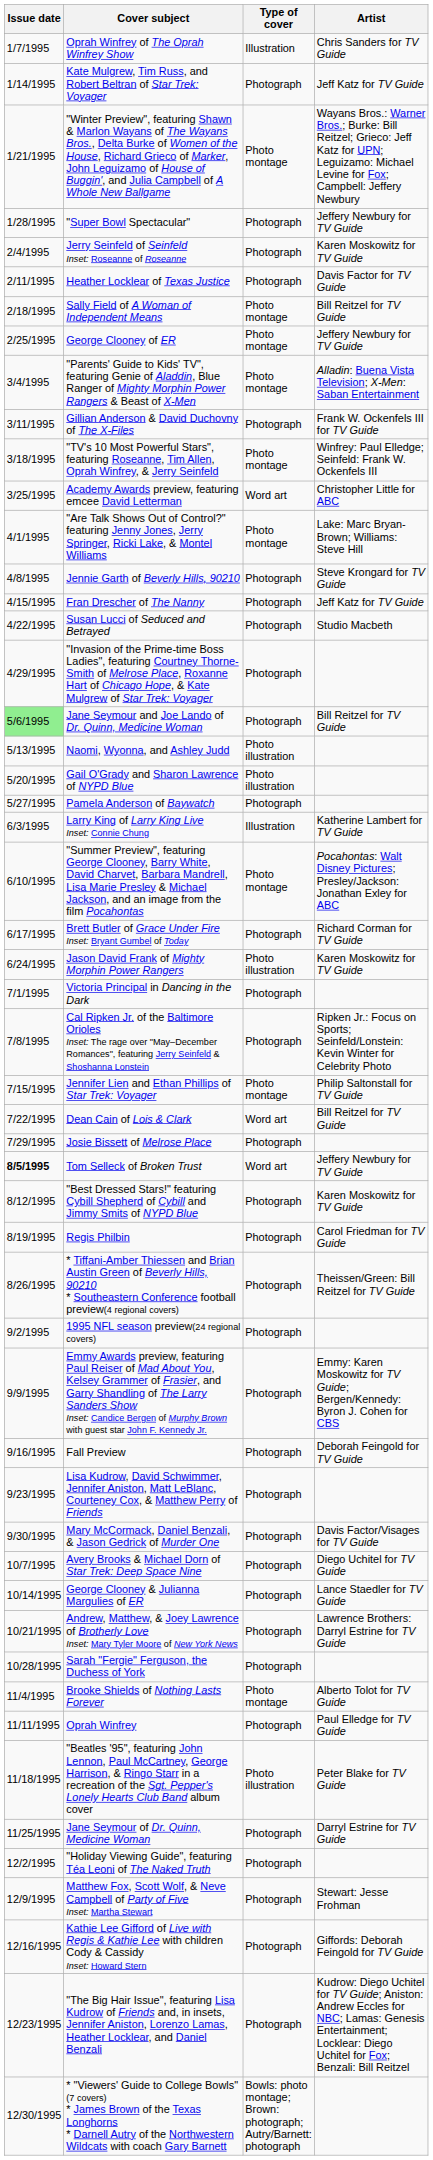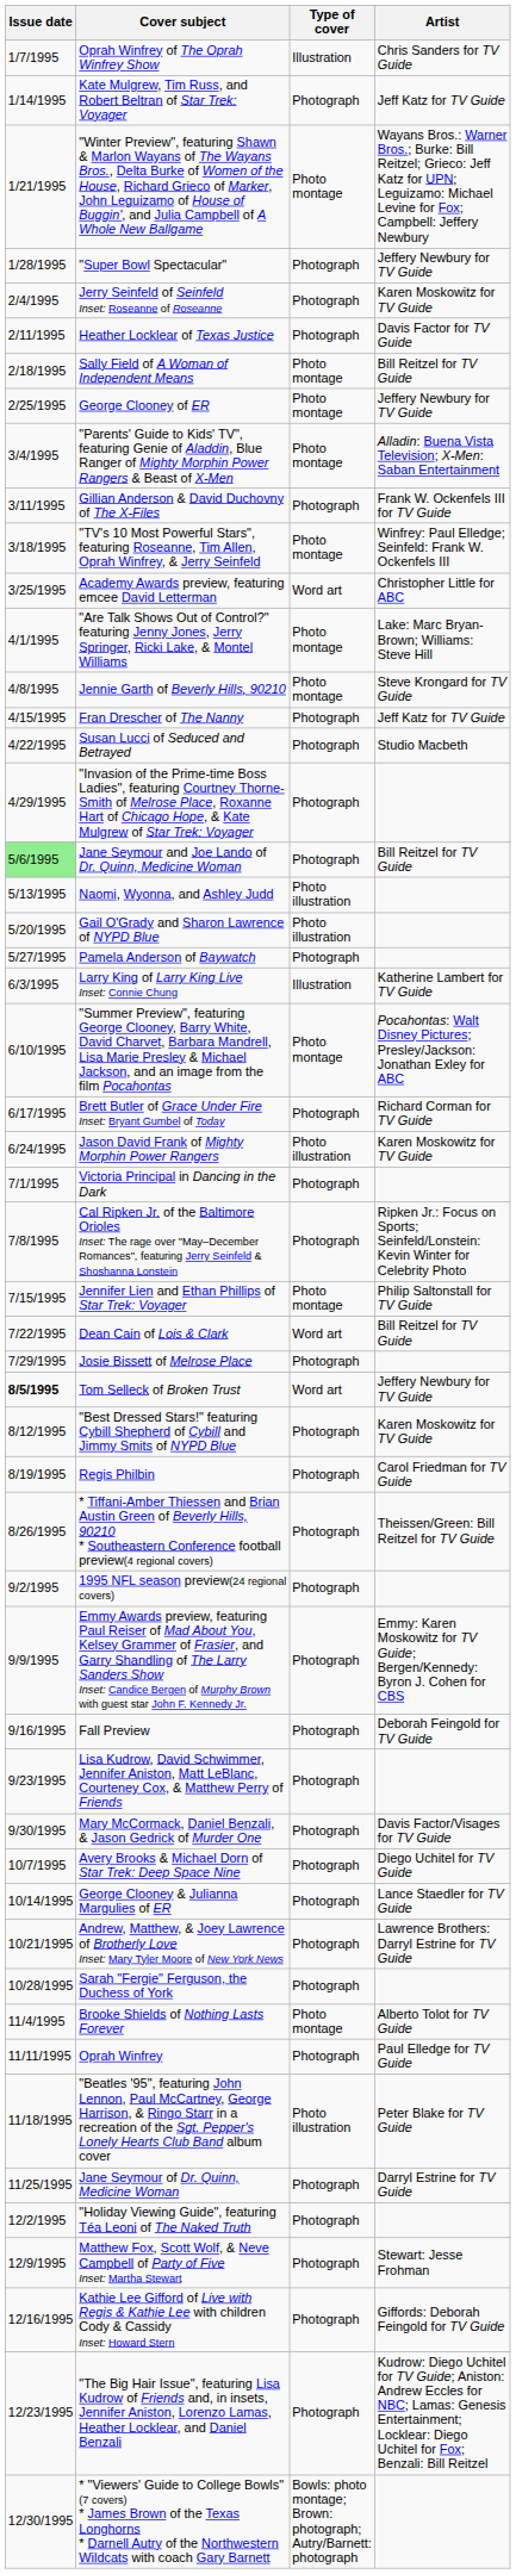 <table class="wikitable sortable" width=100% style="font-size:100%;">
 <tr>
 <th width=6%>Issue date</th>
 <th width=53%>Cover subject</th>
 <th width=12%>Type of cover</th>
 <th width=29%>Artist</th>
 </tr>
 <tr>
 <td>1/7/1995</td>
 <td><a href='#'>Oprah Winfrey</a> of <em><a href='#'>The Oprah Winfrey Show</a></em></td>
 <td>Illustration</td>
 <td>Chris Sanders for <em>TV Guide</em></td>
 </tr>
 <tr>
 <td>1/14/1995</td>
 <td><a href='#'>Kate Mulgrew</a>, <a href='#'>Tim Russ</a>, and <a href='#'>Robert Beltran</a> of <em><a href='#'>Star Trek: Voyager</a></em></td>
 <td>Photograph</td>
 <td>Jeff Katz for <em>TV Guide</em></td>
 </tr>
 <tr>
 <td>1/21/1995</td>
 <td>"Winter Preview", featuring <a href='#'>Shawn</a> & <a href='#'>Marlon Wayans</a> of <em><a href='#'>The Wayans Bros.</a></em>, <a href='#'>Delta Burke</a> of <em><a href='#'>Women of the House</a></em>, <a href='#'>Richard Grieco</a> of <em><a href='#'>Marker</a></em>, <a href='#'>John Leguizamo</a> of <em><a href='#'>House of Buggin'</a></em>, and <a href='#'>Julia Campbell</a> of <em><a href='#'>A Whole New Ballgame</a></em></td>
 <td>Photo montage</td>
 <td>Wayans Bros.: <a href='#'>Warner Bros.</a>; Burke: Bill Reitzel; Grieco: Jeff Katz for <a href='#'>UPN</a>; Leguizamo: Michael Levine for <a href='#'>Fox</a>; Campbell: Jeffery Newbury</td>
 </tr>
 <tr>
 <td>1/28/1995</td>
 <td>"<a href='#'>Super Bowl</a> Spectacular"</td>
 <td>Photograph</td>
 <td>Jeffery Newbury for <em>TV Guide</em></td>
 </tr>
 <tr>
 <td>2/4/1995</td>
 <td><a href='#'>Jerry Seinfeld</a> of <em><a href='#'>Seinfeld</a></em><br><small><em>Inset:</em> <a href='#'>Roseanne</a> of <em><a href='#'>Roseanne</a></em></small></td>
 <td>Photograph</td>
 <td>Karen Moskowitz for <em>TV Guide</em></td>
 </tr>
 <tr>
 <td>2/11/1995</td>
 <td><a href='#'>Heather Locklear</a> of <em><a href='#'>Texas Justice</a></em></td>
 <td>Photograph</td>
 <td>Davis Factor for <em>TV Guide</em></td>
 </tr>
 <tr>
 <td>2/18/1995</td>
 <td><a href='#'>Sally Field</a> of <em><a href='#'>A Woman of Independent Means</a></em></td>
 <td>Photo montage</td>
 <td>Bill Reitzel for <em>TV Guide</em></td>
 </tr>
 <tr>
 <td>2/25/1995</td>
 <td><a href='#'>George Clooney</a> of <em><a href='#'>ER</a></em></td>
 <td>Photo montage</td>
 <td>Jeffery Newbury for <em>TV Guide</em></td>
 </tr>
 <tr>
 <td>3/4/1995</td>
 <td>"Parents' Guide to Kids' TV", featuring Genie of <em><a href='#'>Aladdin</a></em>, Blue Ranger of <em><a href='#'>Mighty Morphin Power Rangers</a></em> & Beast of <em><a href='#'>X-Men</a></em></td>
 <td>Photo montage</td>
 <td><em>Alladin</em>: <a href='#'>Buena Vista Television</a>; <em>X-Men</em>: <a href='#'>Saban Entertainment</a></td>
 </tr>
 <tr>
 <td>3/11/1995</td>
 <td><a href='#'>Gillian Anderson</a> & <a href='#'>David Duchovny</a> of <em><a href='#'>The X-Files</a></em></td>
 <td>Photograph</td>
 <td>Frank W. Ockenfels III for <em>TV Guide</em></td>
 </tr>
 <tr>
 <td>3/18/1995</td>
 <td>"TV's 10 Most Powerful Stars", featuring <a href='#'>Roseanne</a>, <a href='#'>Tim Allen</a>, <a href='#'>Oprah Winfrey</a>, & <a href='#'>Jerry Seinfeld</a></td>
 <td>Photo montage</td>
 <td>Winfrey: Paul Elledge; Seinfeld: Frank W. Ockenfels III</td>
 </tr>
 <tr>
 <td>3/25/1995</td>
 <td><a href='#'>Academy Awards</a> preview, featuring emcee <a href='#'>David Letterman</a></td>
 <td>Word art</td>
 <td>Christopher Little for <a href='#'>ABC</a></td>
 </tr>
 <tr>
 <td>4/1/1995</td>
 <td>"Are Talk Shows Out of Control?" featuring <a href='#'>Jenny Jones</a>, <a href='#'>Jerry Springer</a>, <a href='#'>Ricki Lake</a>, & <a href='#'>Montel Williams</a></td>
 <td>Photo montage</td>
 <td>Lake: Marc Bryan-Brown; Williams: Steve Hill</td>
 </tr>
 <tr>
 <td>4/8/1995</td>
 <td><a href='#'>Jennie Garth</a> of <em><a href='#'>Beverly Hills, 90210</a></em></td>
-<td>Photograph</td>
+<td>Photo montage</td>
 <td>Steve Krongard for <em>TV Guide</em></td>
 </tr>
 <tr>
 <td>4/15/1995</td>
 <td><a href='#'>Fran Drescher</a> of <em><a href='#'>The Nanny</a></em></td>
 <td>Photograph</td>
 <td>Jeff Katz for <em>TV Guide</em></td>
 </tr>
 <tr>
 <td>4/22/1995</td>
 <td><a href='#'>Susan Lucci</a> of <em>Seduced and Betrayed</em></td>
 <td>Photograph</td>
 <td>Studio Macbeth</td>
 </tr>
 <tr>
 <td>4/29/1995</td>
 <td>"Invasion of the Prime-time Boss Ladies", featuring <a href='#'>Courtney Thorne-Smith</a> of <em><a href='#'>Melrose Place</a></em>, <a href='#'>Roxanne Hart</a> of <em><a href='#'>Chicago Hope</a></em>, & <a href='#'>Kate Mulgrew</a> of <em><a href='#'>Star Trek: Voyager</a></em></td>
 <td>Photograph</td>
 <td></td>
 </tr>
 <tr>
 <td style="background: lightgreen;">5/6/1995</td>
 <td><a href='#'>Jane Seymour</a> and <a href='#'>Joe Lando</a> of <em><a href='#'>Dr. Quinn, Medicine Woman</a></em></td>
 <td>Photograph</td>
 <td>Bill Reitzel for <em>TV Guide</em></td>
 </tr>
 <tr>
 <td>5/13/1995</td>
 <td><a href='#'>Naomi</a>, <a href='#'>Wyonna</a>, and <a href='#'>Ashley Judd</a></td>
 <td>Photo illustration</td>
 <td></td>
 </tr>
 <tr>
 <td>5/20/1995</td>
 <td><a href='#'>Gail O'Grady</a> and <a href='#'>Sharon Lawrence</a> of <em><a href='#'>NYPD Blue</a></em></td>
 <td>Photo illustration</td>
 <td></td>
 </tr>
 <tr>
 <td>5/27/1995</td>
 <td><a href='#'>Pamela Anderson</a> of <em><a href='#'>Baywatch</a></em></td>
 <td>Photograph</td>
 <td></td>
 </tr>
 <tr>
 <td>6/3/1995</td>
 <td><a href='#'>Larry King</a> of <em><a href='#'>Larry King Live</a></em><br><small><em>Inset:</em> <a href='#'>Connie Chung</a></small></td>
 <td>Illustration</td>
 <td>Katherine Lambert for <em>TV Guide</em></td>
 </tr>
 <tr>
 <td>6/10/1995</td>
 <td>"Summer Preview", featuring <a href='#'>George Clooney</a>, <a href='#'>Barry White</a>, <a href='#'>David Charvet</a>, <a href='#'>Barbara Mandrell</a>, <a href='#'>Lisa Marie Presley</a> & <a href='#'>Michael Jackson</a>, and an image from the film <em><a href='#'>Pocahontas</a></em></td>
 <td>Photo montage</td>
 <td><em>Pocahontas</em>: <a href='#'>Walt Disney Pictures</a>; Presley/Jackson: Jonathan Exley for <a href='#'>ABC</a></td>
 </tr>
 <tr>
 <td>6/17/1995</td>
 <td><a href='#'>Brett Butler</a> of <em><a href='#'>Grace Under Fire</a></em><br><small><em>Inset:</em> <a href='#'>Bryant Gumbel</a> of <em><a href='#'>Today</a></em></small></td>
 <td>Photograph</td>
 <td>Richard Corman for <em>TV Guide</em></td>
 </tr>
 <tr>
 <td>6/24/1995</td>
 <td><a href='#'>Jason David Frank</a> of <em><a href='#'>Mighty Morphin Power Rangers</a></em></td>
 <td>Photo illustration</td>
 <td>Karen Moskowitz for <em>TV Guide</em></td>
 </tr>
 <tr>
 <td>7/1/1995</td>
 <td><a href='#'>Victoria Principal</a> in <em>Dancing in the Dark</em></td>
 <td>Photograph</td>
 <td></td>
 </tr>
 <tr>
 <td>7/8/1995</td>
 <td><a href='#'>Cal Ripken Jr.</a> of the <a href='#'>Baltimore Orioles</a><br><small><em>Inset:</em> The rage over "May–December Romances", featuring <a href='#'>Jerry Seinfeld</a> & <a href='#'>Shoshanna Lonstein</a></small></td>
 <td>Photograph</td>
 <td>Ripken Jr.: Focus on Sports; Seinfeld/Lonstein: Kevin Winter for Celebrity Photo</td>
 </tr>
 <tr>
 <td>7/15/1995</td>
 <td><a href='#'>Jennifer Lien</a> and <a href='#'>Ethan Phillips</a> of <em><a href='#'>Star Trek: Voyager</a></em></td>
 <td>Photo montage</td>
 <td>Philip Saltonstall for <em>TV Guide</em></td>
 </tr>
 <tr>
 <td>7/22/1995</td>
 <td><a href='#'>Dean Cain</a> of <em><a href='#'>Lois & Clark</a></em></td>
 <td>Word art</td>
 <td>Bill Reitzel for <em>TV Guide</em></td>
 </tr>
 <tr>
 <td>7/29/1995</td>
 <td><a href='#'>Josie Bissett</a> of <em><a href='#'>Melrose Place</a></em></td>
 <td>Photograph</td>
 <td></td>
 </tr>
 <tr>
 <td><strong>8/5/1995</strong></td>
 <td><a href='#'>Tom Selleck</a> of <em>Broken Trust</em></td>
 <td>Word art</td>
 <td>Jeffery Newbury for <em>TV Guide</em></td>
 </tr>
 <tr>
 <td>8/12/1995</td>
 <td>"Best Dressed Stars!" featuring <a href='#'>Cybill Shepherd</a> of <em><a href='#'>Cybill</a></em> and <a href='#'>Jimmy Smits</a> of <em><a href='#'>NYPD Blue</a></em></td>
 <td>Photograph</td>
 <td>Karen Moskowitz for <em>TV Guide</em></td>
 </tr>
 <tr>
 <td>8/19/1995</td>
 <td><a href='#'>Regis Philbin</a></td>
 <td>Photograph</td>
 <td>Carol Friedman for <em>TV Guide</em></td>
 </tr>
 <tr>
 <td>8/26/1995</td>
 <td>* <a href='#'>Tiffani-Amber Thiessen</a> and <a href='#'>Brian Austin Green</a> of <em><a href='#'>Beverly Hills, 90210</a></em><br>* <a href='#'>Southeastern Conference</a> football preview<small>(4 regional covers)</small></td>
 <td>Photograph</td>
 <td>Theissen/Green: Bill Reitzel for <em>TV Guide</em></td>
 </tr>
 <tr>
 <td>9/2/1995</td>
 <td><a href='#'>1995 NFL season</a> preview<small>(24 regional covers)</small></td>
 <td>Photograph</td>
 <td></td>
 </tr>
 <tr>
 <td>9/9/1995</td>
 <td><a href='#'>Emmy Awards</a> preview, featuring <a href='#'>Paul Reiser</a> of <em><a href='#'>Mad About You</a></em>, <a href='#'>Kelsey Grammer</a> of <em><a href='#'>Frasier</a></em>, and <a href='#'>Garry Shandling</a> of <em><a href='#'>The Larry Sanders Show</a></em><br><small><em>Inset:</em> <a href='#'>Candice Bergen</a> of <em><a href='#'>Murphy Brown</a></em> with guest star <a href='#'>John F. Kennedy Jr.</a></small></td>
 <td>Photograph</td>
 <td>Emmy: Karen Moskowitz for <em>TV Guide</em>; Bergen/Kennedy: Byron J. Cohen for <a href='#'>CBS</a></td>
 </tr>
 <tr>
 <td>9/16/1995</td>
 <td>Fall Preview</td>
 <td>Photograph</td>
 <td>Deborah Feingold for <em>TV Guide</em></td>
 </tr>
 <tr>
 <td>9/23/1995</td>
 <td><a href='#'>Lisa Kudrow</a>, <a href='#'>David Schwimmer</a>, <a href='#'>Jennifer Aniston</a>, <a href='#'>Matt LeBlanc</a>, <a href='#'>Courteney Cox</a>, & <a href='#'>Matthew Perry</a> of <em><a href='#'>Friends</a></em></td>
 <td>Photograph</td>
 <td></td>
 </tr>
 <tr>
 <td>9/30/1995</td>
 <td><a href='#'>Mary McCormack</a>, <a href='#'>Daniel Benzali</a>, & <a href='#'>Jason Gedrick</a> of <em><a href='#'>Murder One</a></em></td>
 <td>Photograph</td>
 <td>Davis Factor/Visages for <em>TV Guide</em></td>
 </tr>
 <tr>
 <td>10/7/1995</td>
 <td><a href='#'>Avery Brooks</a> & <a href='#'>Michael Dorn</a> of <em><a href='#'>Star Trek: Deep Space Nine</a></em></td>
 <td>Photograph</td>
 <td>Diego Uchitel for <em>TV Guide</em></td>
 </tr>
 <tr>
 <td>10/14/1995</td>
 <td><a href='#'>George Clooney</a> & <a href='#'>Julianna Margulies</a> of <em><a href='#'>ER</a></em></td>
 <td>Photograph</td>
 <td>Lance Staedler for <em>TV Guide</em></td>
 </tr>
 <tr>
 <td>10/21/1995</td>
 <td><a href='#'>Andrew</a>, <a href='#'>Matthew</a>, & <a href='#'>Joey Lawrence</a> of <em><a href='#'>Brotherly Love</a></em><br><small><em>Inset:</em> <a href='#'>Mary Tyler Moore</a> of <em><a href='#'>New York News</a></em></small></td>
 <td>Photograph</td>
 <td>Lawrence Brothers: Darryl Estrine for <em>TV Guide</em></td>
 </tr>
 <tr>
 <td>10/28/1995</td>
 <td><a href='#'>Sarah "Fergie" Ferguson, the Duchess of York</a></td>
 <td>Photograph</td>
 <td></td>
 </tr>
 <tr>
 <td>11/4/1995</td>
 <td><a href='#'>Brooke Shields</a> of <em><a href='#'>Nothing Lasts Forever</a></em></td>
 <td>Photo montage</td>
 <td>Alberto Tolot for <em>TV Guide</em></td>
 </tr>
 <tr>
 <td>11/11/1995</td>
 <td><a href='#'>Oprah Winfrey</a></td>
 <td>Photograph</td>
 <td>Paul Elledge for <em>TV Guide</em></td>
 </tr>
 <tr>
 <td>11/18/1995</td>
 <td>"Beatles '95", featuring <a href='#'>John Lennon</a>, <a href='#'>Paul McCartney</a>, <a href='#'>George Harrison</a>, & <a href='#'>Ringo Starr</a> in a recreation of the <em><a href='#'>Sgt. Pepper's Lonely Hearts Club Band</a></em> album cover</td>
 <td>Photo illustration</td>
 <td>Peter Blake for <em>TV Guide</em></td>
 </tr>
 <tr>
 <td>11/25/1995</td>
 <td><a href='#'>Jane Seymour</a> of <em><a href='#'>Dr. Quinn, Medicine Woman</a></em></td>
 <td>Photograph</td>
 <td>Darryl Estrine for <em>TV Guide</em></td>
 </tr>
 <tr>
 <td>12/2/1995</td>
 <td>"Holiday Viewing Guide", featuring <a href='#'>Téa Leoni</a> of <em><a href='#'>The Naked Truth</a></em></td>
 <td>Photograph</td>
 <td></td>
 </tr>
 <tr>
 <td>12/9/1995</td>
 <td><a href='#'>Matthew Fox</a>, <a href='#'>Scott Wolf</a>, & <a href='#'>Neve Campbell</a> of <em><a href='#'>Party of Five</a></em><br><small><em>Inset:</em> <a href='#'>Martha Stewart</a></small></td>
 <td>Photograph</td>
 <td>Stewart: Jesse Frohman</td>
 </tr>
 <tr>
 <td>12/16/1995</td>
 <td><a href='#'>Kathie Lee Gifford</a> of <em><a href='#'>Live with Regis & Kathie Lee</a></em> with children Cody & Cassidy<br><small><em>Inset:</em> <a href='#'>Howard Stern</a></small></td>
 <td>Photograph</td>
 <td>Giffords: Deborah Feingold for <em>TV Guide</em></td>
 </tr>
 <tr>
 <td>12/23/1995</td>
 <td>"The Big Hair Issue", featuring <a href='#'>Lisa Kudrow</a> of <em><a href='#'>Friends</a></em> and, in insets, <a href='#'>Jennifer Aniston</a>, <a href='#'>Lorenzo Lamas</a>, <a href='#'>Heather Locklear</a>, and <a href='#'>Daniel Benzali</a></td>
 <td>Photograph</td>
 <td>Kudrow: Diego Uchitel for <em>TV Guide</em>; Aniston: Andrew Eccles for <a href='#'>NBC</a>; Lamas: Genesis Entertainment; Locklear: Diego Uchitel for <a href='#'>Fox</a>; Benzali: Bill Reitzel</td>
 </tr>
 <tr>
 <td>12/30/1995</td>
 <td>* "Viewers' Guide to College Bowls"<small>(7 covers)</small><br>* <a href='#'>James Brown</a> of the <a href='#'>Texas Longhorns</a><br>* <a href='#'>Darnell Autry</a> of the <a href='#'>Northwestern Wildcats</a> with coach <a href='#'>Gary Barnett</a></td>
 <td>Bowls: photo montage;<br>Brown: photograph;<br>Autry/Barnett: photograph</td>
 <td></td>
 </tr>
 </table>
